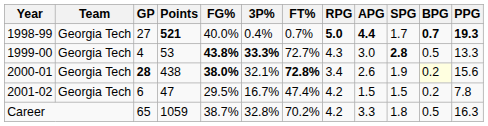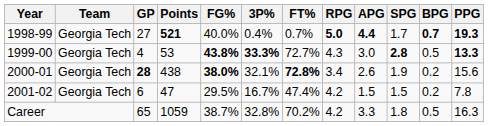 <table class="wikitable">
 <tr>
 <th>Year</th>
 <th>Team</th>
 <th>GP</th>
 <th>Points</th>
 <th>FG%</th>
 <th>3P%</th>
 <th>FT%</th>
 <th>RPG</th>
 <th>APG</th>
 <th>SPG</th>
 <th>BPG</th>
 <th>PPG</th>
 </tr>
 <tr>
 <td>1998-99</td>
 <td>Georgia Tech</td>
 <td>27</td>
 <td><strong>521</strong></td>
 <td>40.0%</td>
 <td>0.4%</td>
 <td>0.7%</td>
 <td><strong>5.0</strong></td>
 <td><strong>4.4</strong></td>
 <td>1.7</td>
 <td><strong>0.7</strong></td>
 <td><strong>19.3</strong></td>
 </tr>
 <tr>
 <td>1999-00</td>
 <td>Georgia Tech</td>
 <td>4</td>
 <td>53</td>
 <td><strong>43.8%</strong></td>
 <td><strong>33.3%</strong></td>
 <td>72.7%</td>
 <td>4.3</td>
 <td>3.0</td>
 <td><strong>2.8</strong></td>
 <td>0.5</td>
-<td>13.3</td>
+<td><strong>13.3</strong></td>
 </tr>
 <tr>
 <td>2000-01</td>
 <td>Georgia Tech</td>
 <td><strong>28</strong></td>
 <td>438</td>
 <td><strong>38.0%</strong></td>
 <td>32.1%</td>
 <td><strong>72.8%</strong></td>
 <td>3.4</td>
 <td>2.6</td>
 <td>1.9</td>
-<td style="background: lightyellow;">0.2</td>
+<td>0.2</td>
 <td>15.6</td>
 </tr>
 <tr>
 <td>2001-02</td>
 <td>Georgia Tech</td>
 <td>6</td>
 <td>47</td>
 <td>29.5%</td>
 <td>16.7%</td>
 <td>47.4%</td>
 <td>4.2</td>
 <td>1.5</td>
 <td>1.5</td>
 <td>0.2</td>
 <td>7.8</td>
 </tr>
 <tr>
 <td colspan="2">Career</td>
 <td>65</td>
 <td>1059</td>
 <td>38.7%</td>
 <td>32.8%</td>
 <td>70.2%</td>
 <td>4.2</td>
 <td>3.3</td>
 <td>1.8</td>
 <td>0.5</td>
 <td>16.3</td>
 </tr>
 </table>
